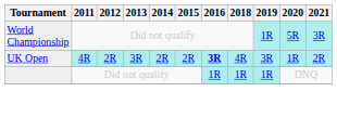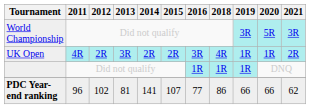 <table class="wikitable" style="width:20%; margin:0">
 <tr>
 <th>Tournament</th>
 <th>2011</th>
 <th>2012</th>
 <th>2013</th>
 <th>2014</th>
 <th>2015</th>
 <th>2016</th>
 <th>2018</th>
 <th>2019</th>
 <th>2020</th>
 <th>2021</th>
 </tr>
 <tr>
 <td style="background:#efefef;"><a href='#'>World Championship</a></td>
 <td colspan="7" style="text-align:center; color:#ccc;">Did not qualify</td>
-<td style="text-align:center; background:#afeeee;"><a href='#'>1R</a></td>
+<td style="text-align:center; background:#afeeee;"><a href='#'>3R</a></td>
 <td style="text-align:center; background:#afeeee;"><a href='#'>5R</a></td>
 <td style="text-align:center; background:#afeeee;"><a href='#'>3R</a></td>
 </tr>
 <tr>
 <td style="background:#efefef;"><a href='#'>UK Open</a></td>
 <td style="text-align:center; background:#afeeee;"><a href='#'>4R</a></td>
 <td style="text-align:center; background:#afeeee;"><a href='#'>2R</a></td>
 <td style="text-align:center; background:#afeeee;"><a href='#'>3R</a></td>
 <td style="text-align:center; background:#afeeee;"><a href='#'>2R</a></td>
 <td style="text-align:center; background:#afeeee;"><a href='#'>2R</a></td>
-<td style="text-align:center; background:#afeeee;"><strong><a href='#'>3R</a></strong></td>
+<td style="text-align:center; background:#afeeee;"><a href='#'>3R</a></td>
 <td style="text-align:center; background:#afeeee;"><a href='#'>4R</a></td>
-<td style="text-align:center; background:#afeeee;"><a href='#'>3R</a></td>
+<td style="text-align:center; background:#afeeee;"><a href='#'>1R</a></td>
 <td style="text-align:center; background:#afeeee;"><a href='#'>1R</a></td>
 <td style="text-align:center; background:#afeeee;"><a href='#'>2R</a></td>
 </tr>
 <tr>
 <td style="background:#efefef;"></td>
 <td colspan="5" style="text-align:center; color:#ccc;">Did not qualify</td>
 <td style="text-align:center; background:#afeeee;"><a href='#'>1R</a></td>
 <td style="text-align:center; background:#afeeee;"><a href='#'>1R</a></td>
 <td style="text-align:center; background:#afeeee;"><a href='#'>1R</a></td>
 <td colspan="2" style="text-align:center; color:#ccc;">DNQ</td>
 </tr>
 <tr>
 </tr>
+<tr bgcolor="efefef">
+<td align="left"><strong>PDC Year-end ranking</strong></td>
+<td style="text-align:center;">96</td>
+<td style="text-align:center;">102</td>
+<td style="text-align:center;">81</td>
+<td style="text-align:center;">141</td>
+<td style="text-align:center;">107</td>
+<td style="text-align:center;">77</td>
+<td style="text-align:center;">86</td>
+<td style="text-align:center;">66</td>
+<td style="text-align:center;">66</td>
+<td style="text-align:center;">62</td>
+</tr>
 </table>
